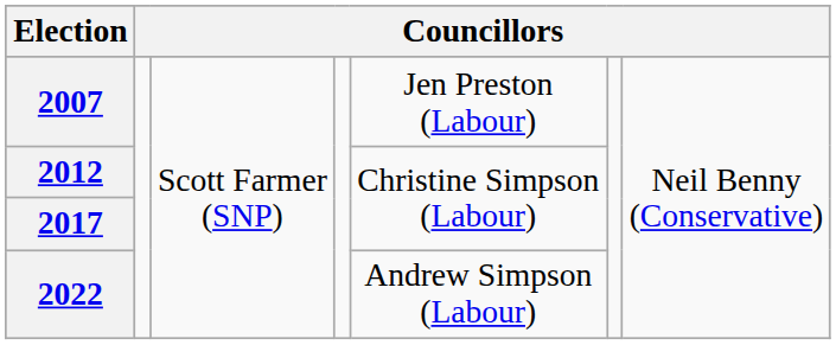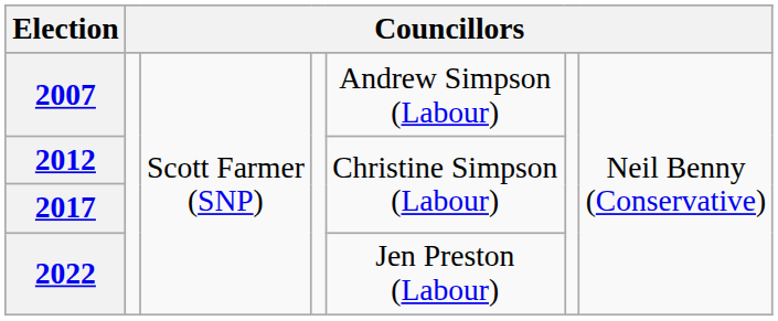 <table class="wikitable" style="text-align:center">
 <tr>
 <th>Election</th>
 <th colspan=6>Councillors</th>
 </tr>
 <tr>
 <th><a href='#'>2007</a></th>
 <td rowspan=4; style="background-color: "></td>
 <td rowspan=4>Scott Farmer<br>(<a href='#'>SNP</a>)</td>
 <td rowspan=4; style="background-color: "></td>
-<td rowspan=1>Jen Preston<br>(<a href='#'>Labour</a>)</td>
+<td rowspan=1>Andrew Simpson<br>(<a href='#'>Labour</a>)</td>
 <td rowspan=4; style="background-color: "></td>
 <td rowspan=4>Neil Benny<br>(<a href='#'>Conservative</a>)</td>
 </tr>
 <tr>
 <th><a href='#'>2012</a></th>
 <td rowspan=2>Christine Simpson<br>(<a href='#'>Labour</a>)</td>
 </tr>
 <tr>
 <th><a href='#'>2017</a></th>
 </tr>
 <tr>
 <th><a href='#'>2022</a></th>
-<td rowspan=1>Andrew Simpson<br>(<a href='#'>Labour</a>)</td>
+<td rowspan=1>Jen Preston<br>(<a href='#'>Labour</a>)</td>
 </tr>
 </table>
